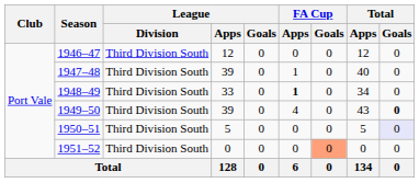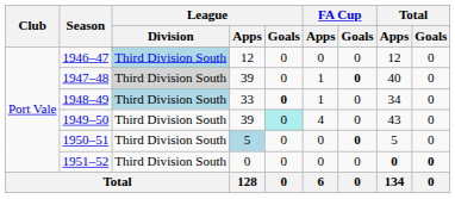 <table class="wikitable" style="text-align:center">
 <tr>
 <th rowspan="2">Club</th>
 <th rowspan="2">Season</th>
 <th colspan="3">League</th>
 <th colspan="2"><a href='#'>FA Cup</a></th>
 <th colspan="2">Total</th>
 </tr>
 <tr>
 <th>Division</th>
 <th>Apps</th>
 <th>Goals</th>
 <th>Apps</th>
 <th>Goals</th>
 <th>Apps</th>
 <th>Goals</th>
 </tr>
 <tr>
 <td rowspan="6"><a href='#'>Port Vale</a></td>
 <td><a href='#'>1946–47</a></td>
-<td><a href='#'>Third Division South</a></td>
+<td style="background: lightblue;"><a href='#'>Third Division South</a></td>
 <td>12</td>
 <td>0</td>
 <td>0</td>
 <td>0</td>
 <td>12</td>
 <td>0</td>
 </tr>
 <tr>
 <td><a href='#'>1947–48</a></td>
-<td>Third Division South</td>
+<td style="background: lightgrey;">Third Division South</td>
 <td>39</td>
 <td>0</td>
 <td>1</td>
-<td>0</td>
+<td><strong>0</strong></td>
 <td>40</td>
 <td>0</td>
 </tr>
 <tr>
 <td><a href='#'>1948–49</a></td>
-<td>Third Division South</td>
+<td style="background: lightblue;">Third Division South</td>
 <td>33</td>
-<td>0</td>
-<td><strong>1</strong></td>
+<td><strong>0</strong></td>
+<td>1</td>
 <td>0</td>
 <td>34</td>
 <td>0</td>
 </tr>
 <tr>
 <td><a href='#'>1949–50</a></td>
 <td>Third Division South</td>
 <td>39</td>
-<td>0</td>
+<td style="background: paleturquoise;">0</td>
 <td>4</td>
 <td>0</td>
 <td>43</td>
-<td><strong>0</strong></td>
+<td>0</td>
 </tr>
 <tr>
 <td><a href='#'>1950–51</a></td>
 <td>Third Division South</td>
+<td style="background: lightblue;">5</td>
+<td>0</td>
+<td>0</td>
+<td><strong>0</strong></td>
 <td>5</td>
 <td>0</td>
-<td>0</td>
-<td>0</td>
-<td>5</td>
-<td style="background: lavender;">0</td>
 </tr>
 <tr>
 <td><a href='#'>1951–52</a></td>
 <td>Third Division South</td>
 <td>0</td>
 <td>0</td>
 <td>0</td>
-<td style="background: lightsalmon;">0</td>
 <td>0</td>
-<td>0</td>
+<td><strong>0</strong></td>
+<td><strong>0</strong></td>
 </tr>
 <tr>
 <th colspan="3">Total</th>
 <th>128</th>
 <th>0</th>
 <th>6</th>
 <th>0</th>
 <th>134</th>
 <th>0</th>
 </tr>
 </table>
